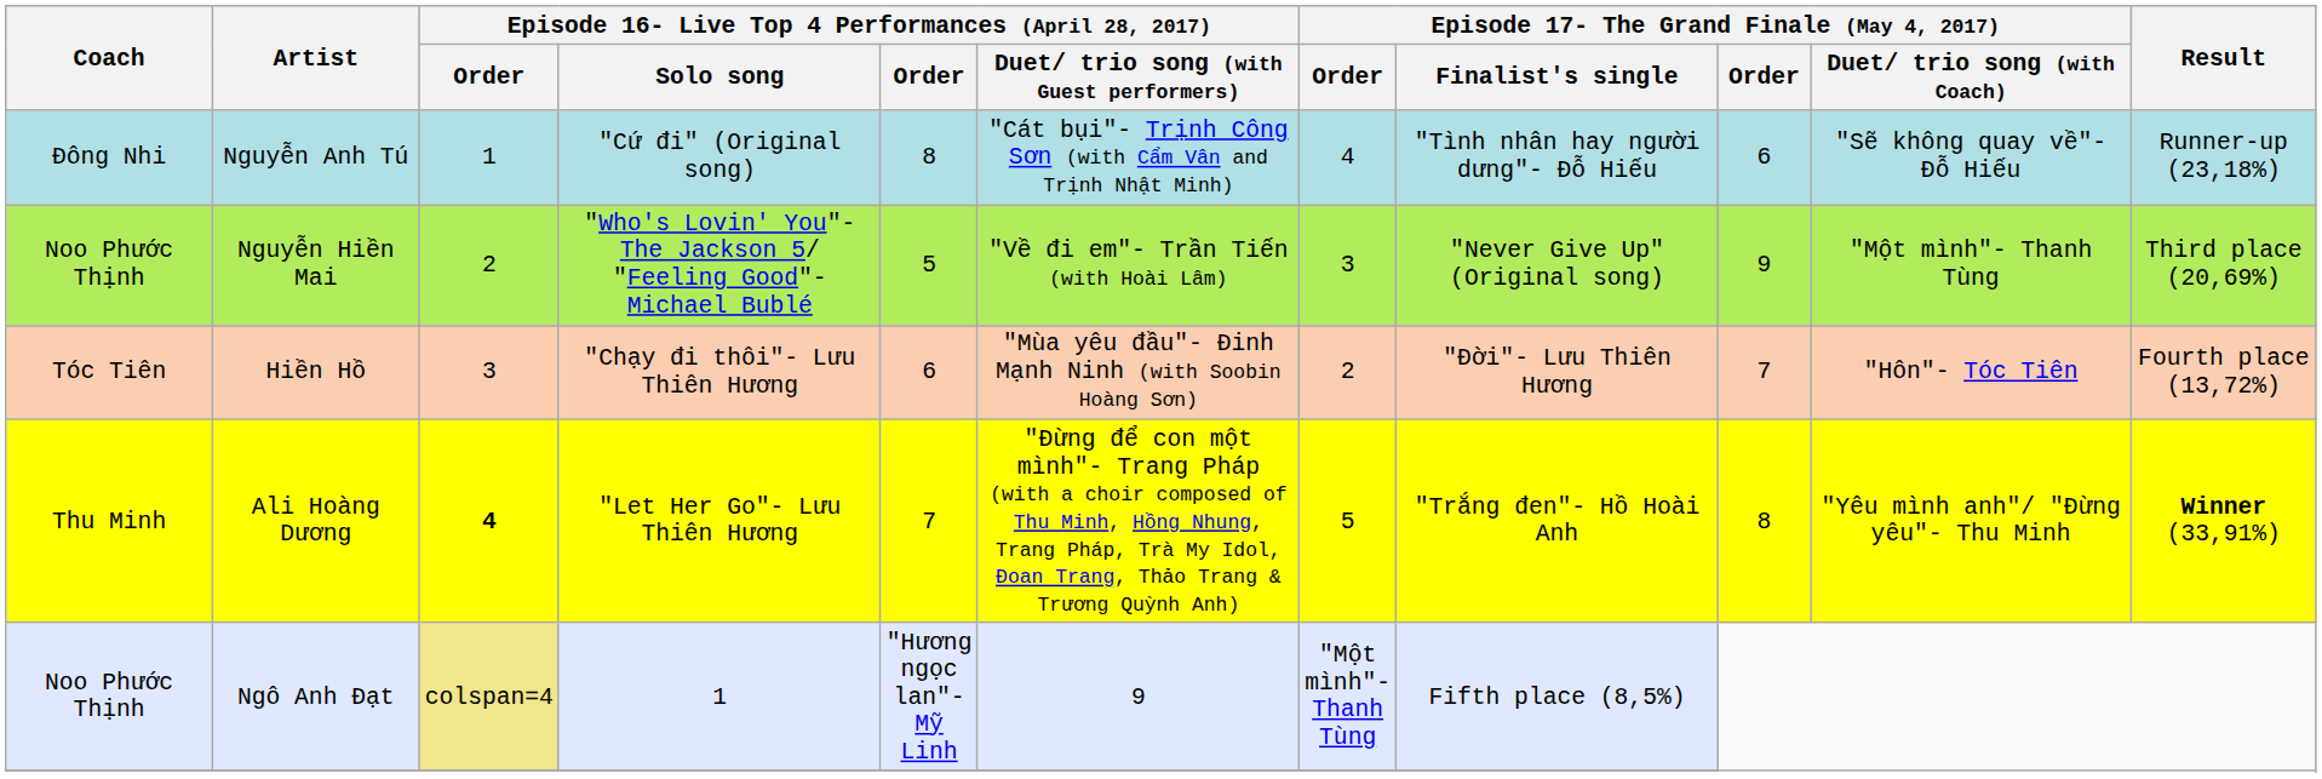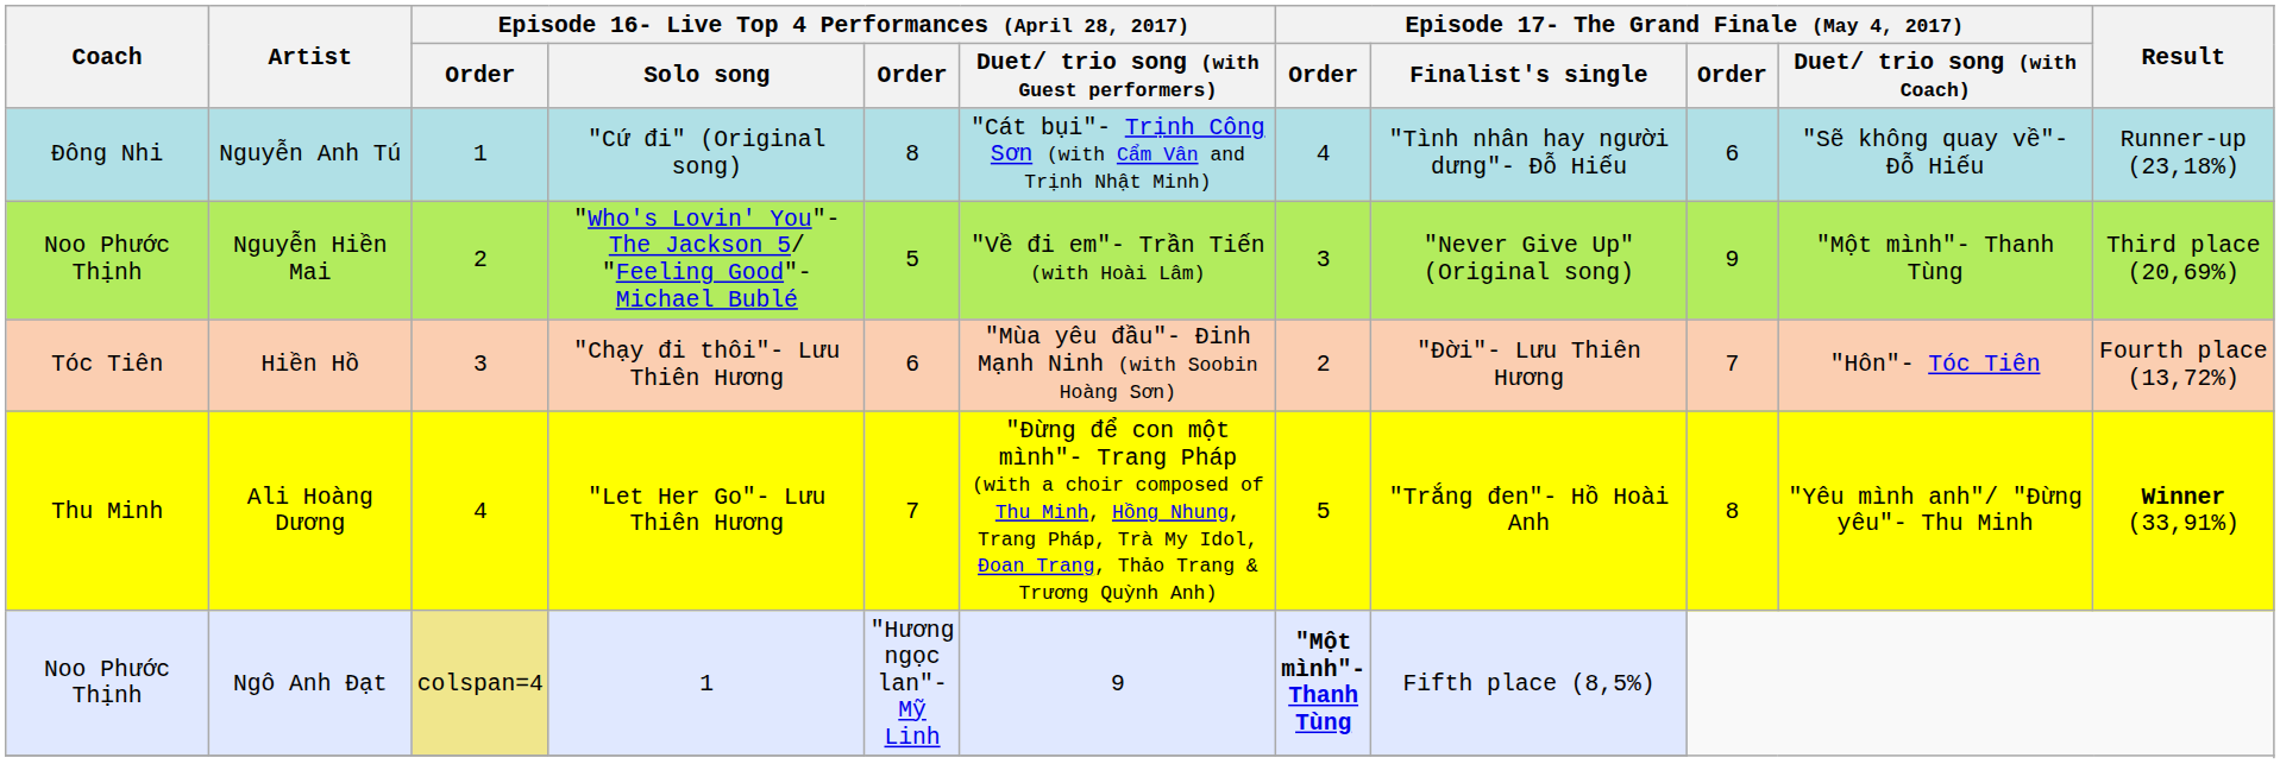 <table class="wikitable" style="text-align:center; width:100%;">
 <tr>
 <th width="09%" rowspan="2">Coach</th>
 <th width="09%" rowspan="2">Artist</th>
 <th colspan="4">Episode 16- Live Top 4 Performances <small>(April 28, 2017)</small></th>
 <th colspan="4">Episode 17- The Grand Finale <small>(May 4, 2017)</small></th>
 <th width="08%" rowspan="2">Result</th>
 </tr>
 <tr>
 <th width="04%">Order</th>
 <th width="14%">Solo song</th>
 <th width="04%">Order</th>
 <th width="14%">Duet/ trio song <small>(with Guest performers)</small></th>
 <th width="04%">Order</th>
 <th width="14%">Finalist's single</th>
 <th width="04%">Order</th>
 <th width="14%">Duet/ trio song <small>(with Coach)</small></th>
 </tr>
 <tr>
 <td style="background:#B0E0E6;">Đông Nhi</td>
 <td style="background:#B0E0E6;">Nguyễn Anh Tú</td>
 <td style="background:#B0E0E6;">1</td>
 <td style="background:#B0E0E6;">"Cứ đi" (Original song)</td>
 <td style="background:#B0E0E6;">8</td>
 <td style="background:#B0E0E6;">"Cát bụi"- <a href='#'>Trịnh Công Sơn</a> <small>(with <a href='#'>Cẩm Vân</a> and Trịnh Nhật Minh)</small></td>
 <td style="background:#B0E0E6;">4</td>
 <td style="background:#B0E0E6;">"Tình nhân hay người dưng"- Đỗ Hiếu</td>
 <td style="background:#B0E0E6;">6</td>
 <td style="background:#B0E0E6;">"Sẽ không quay về"- Đỗ Hiếu</td>
 <td style="background:#B0E0E6;">Runner-up (23,18%)</td>
 </tr>
 <tr>
 <td style="background:#B2EC5D;">Noo Phước Thịnh</td>
 <td style="background:#B2EC5D;">Nguyễn Hiền Mai</td>
 <td style="background:#B2EC5D;">2</td>
 <td style="background:#B2EC5D;">"<a href='#'>Who's Lovin' You</a>"- <a href='#'>The Jackson 5</a>/ "<a href='#'>Feeling Good</a>"- <a href='#'>Michael Bublé</a></td>
 <td style="background:#B2EC5D;">5</td>
 <td style="background:#B2EC5D;">"Về đi em"- Trần Tiến <small>(with Hoài Lâm)</small></td>
 <td style="background:#B2EC5D;">3</td>
 <td style="background:#B2EC5D;">"Never Give Up" (Original song)</td>
 <td style="background:#B2EC5D;">9</td>
 <td style="background:#B2EC5D;">"Một mình"- Thanh Tùng</td>
 <td style="background:#B2EC5D;">Third place (20,69%)</td>
 </tr>
 <tr>
 <td style="background:#FBCEB1;">Tóc Tiên</td>
 <td style="background:#FBCEB1;">Hiền Hồ</td>
 <td style="background:#FBCEB1;">3</td>
 <td style="background:#FBCEB1;">"Chạy đi thôi"- Lưu Thiên Hương</td>
 <td style="background:#FBCEB1;">6</td>
 <td style="background:#FBCEB1;">"Mùa yêu đầu"- Đinh Mạnh Ninh <small>(with Soobin Hoàng Sơn)</small></td>
 <td style="background:#FBCEB1;">2</td>
 <td style="background:#FBCEB1;">"Đời"- Lưu Thiên Hương</td>
 <td style="background:#FBCEB1;">7</td>
 <td style="background:#FBCEB1;">"Hôn"- <a href='#'>Tóc Tiên</a></td>
 <td style="background:#FBCEB1;">Fourth place (13,72%)</td>
 </tr>
 <tr>
 <td style="background:yellow;">Thu Minh</td>
 <td style="background:yellow;">Ali Hoàng Dương</td>
-<td style="background:yellow;"><strong>4</strong></td>
+<td style="background:yellow;">4</td>
 <td style="background:yellow;">"Let Her Go"- Lưu Thiên Hương</td>
 <td style="background:yellow;">7</td>
 <td style="background:yellow;">"Đừng để con một mình"- Trang Pháp <small>(with a choir composed of <a href='#'>Thu Minh</a>, <a href='#'>Hồng Nhung</a>, Trang Pháp, Trà My Idol, <a href='#'>Đoan Trang</a>, Thảo Trang & Trương Quỳnh Anh)</small></td>
 <td style="background:yellow;">5</td>
 <td style="background:yellow;">"Trắng đen"- Hồ Hoài Anh</td>
 <td style="background:yellow;">8</td>
 <td style="background:yellow;">"Yêu mình anh"/ "Đừng yêu"- Thu Minh</td>
 <td style="background:yellow;"><strong>Winner</strong> (33,91%)</td>
 </tr>
 <tr>
 <td style="background:#E0E8FF;">Noo Phước Thịnh</td>
 <td style="background:#E0E8FF;">Ngô Anh Đạt</td>
 <td style="background: khaki;">colspan=4 </td>
 <td style="background:#E0E8FF;">1</td>
 <td style="background:#E0E8FF;">"Hương ngọc lan"- <a href='#'>Mỹ Linh</a></td>
 <td style="background:#E0E8FF;">9</td>
-<td style="background:#E0E8FF;">"Một mình"- <a href='#'>Thanh Tùng</a></td>
+<td style="background:#E0E8FF;"><strong>"Một mình"- <a href='#'>Thanh Tùng</a></strong></td>
 <td style="background:#E0E8FF;">Fifth place (8,5%)</td>
 </tr>
 <tr>
 </tr>
 </table>
